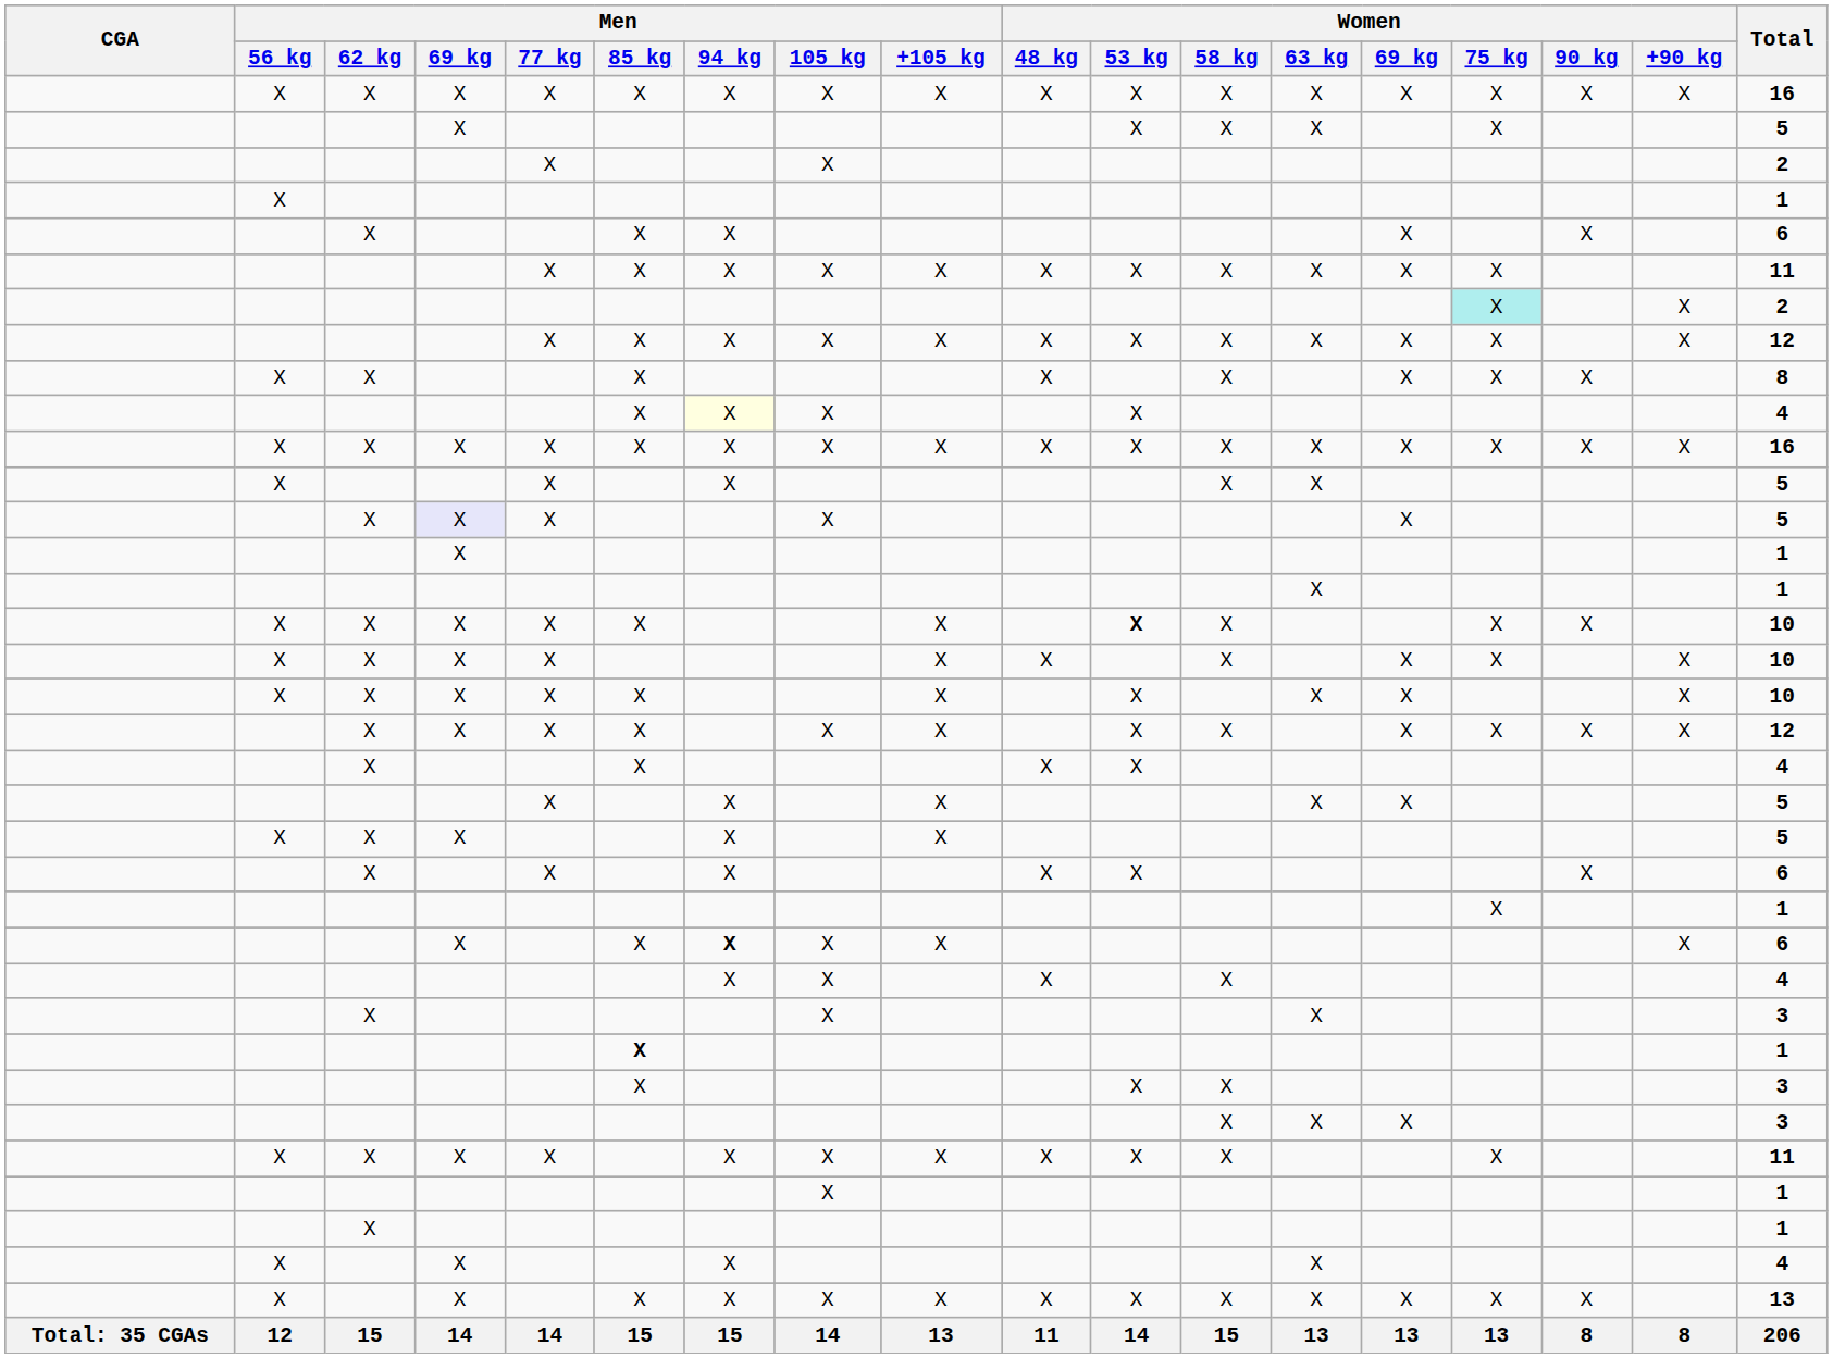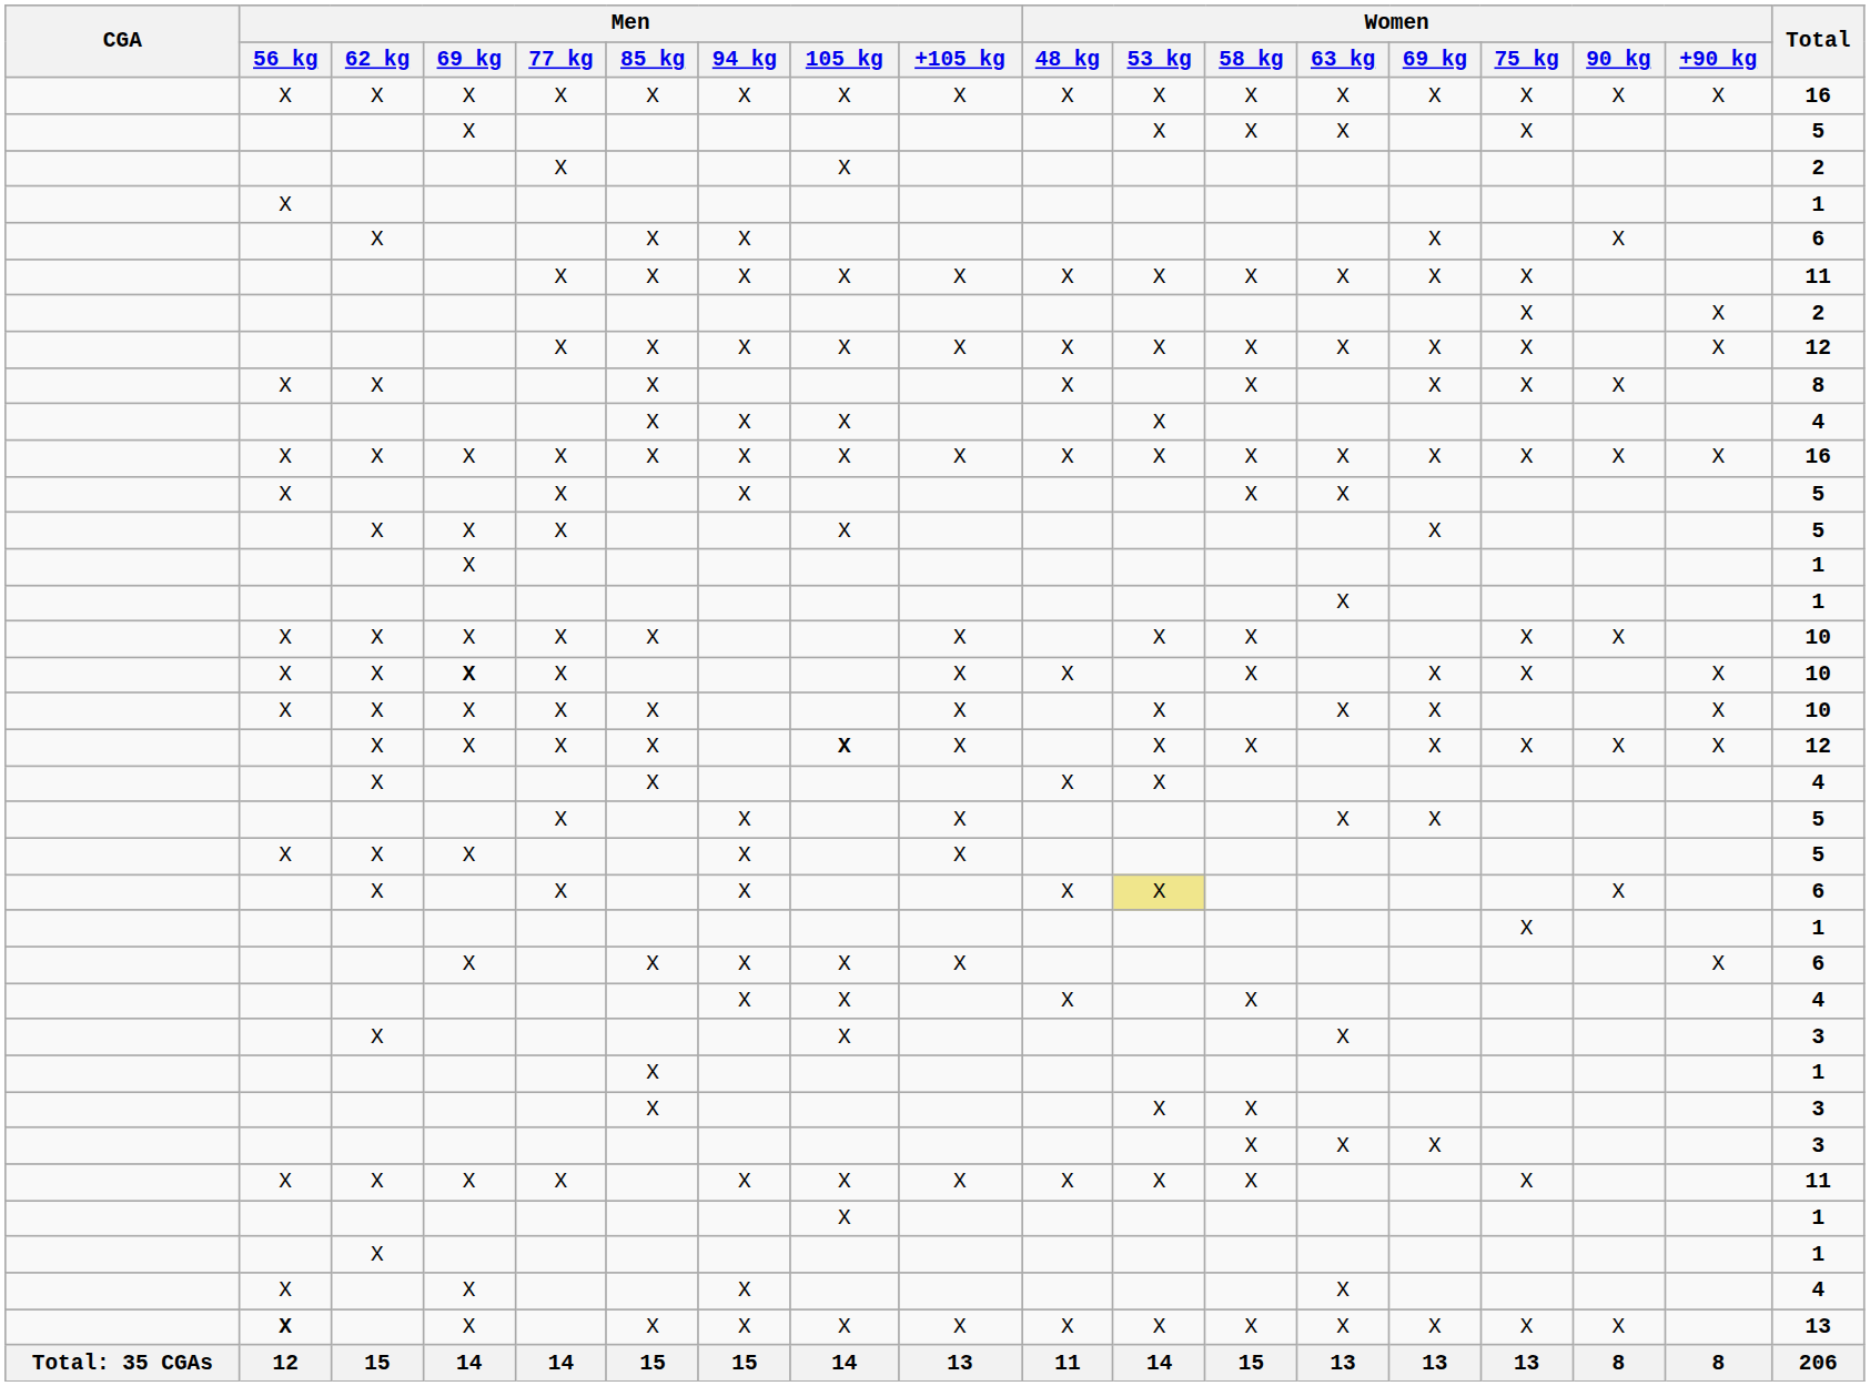 <table class="wikitable" width=1010 style="text-align:center; font-size:90%">
 <tr>
 <th rowspan="2" align="left">CGA</th>
 <th colspan="8">Men</th>
 <th colspan="8">Women</th>
 <th rowspan="2">Total</th>
 </tr>
 <tr>
 <th><a href='#'>56 kg</a></th>
 <th><a href='#'>62 kg</a></th>
 <th><a href='#'>69 kg</a></th>
 <th><a href='#'>77 kg</a></th>
 <th><a href='#'>85 kg</a></th>
 <th><a href='#'>94 kg</a></th>
 <th><a href='#'>105 kg</a></th>
 <th><a href='#'>+105 kg</a></th>
 <th><a href='#'>48 kg</a></th>
 <th><a href='#'>53 kg</a></th>
 <th><a href='#'>58 kg</a></th>
 <th><a href='#'>63 kg</a></th>
 <th><a href='#'>69 kg</a></th>
 <th><a href='#'>75 kg</a></th>
 <th><a href='#'>90 kg</a></th>
 <th><a href='#'>+90 kg</a></th>
 </tr>
 <tr>
 <td style="text-align:left;"></td>
 <td>X</td>
 <td>X</td>
 <td>X</td>
 <td>X</td>
 <td>X</td>
 <td>X</td>
 <td>X</td>
 <td>X</td>
 <td>X</td>
 <td>X</td>
 <td>X</td>
 <td>X</td>
 <td>X</td>
 <td>X</td>
 <td>X</td>
 <td>X</td>
 <td><strong>16</strong></td>
 </tr>
 <tr>
 <td style="text-align:left;"></td>
 <td></td>
 <td></td>
 <td>X</td>
 <td></td>
 <td></td>
 <td></td>
 <td></td>
 <td></td>
 <td></td>
 <td>X</td>
 <td>X</td>
 <td>X</td>
 <td></td>
 <td>X</td>
 <td></td>
 <td></td>
 <td><strong>5</strong></td>
 </tr>
 <tr>
 <td style="text-align:left;"></td>
 <td></td>
 <td></td>
 <td></td>
 <td>X</td>
 <td></td>
 <td></td>
 <td>X</td>
 <td></td>
 <td></td>
 <td></td>
 <td></td>
 <td></td>
 <td></td>
 <td></td>
 <td></td>
 <td></td>
 <td><strong>2</strong></td>
 </tr>
 <tr>
 <td style="text-align:left;"></td>
 <td>X</td>
 <td></td>
 <td></td>
 <td></td>
 <td></td>
 <td></td>
 <td></td>
 <td></td>
 <td></td>
 <td></td>
 <td></td>
 <td></td>
 <td></td>
 <td></td>
 <td></td>
 <td></td>
 <td><strong>1</strong></td>
 </tr>
 <tr>
 <td style="text-align:left;"></td>
 <td></td>
 <td>X</td>
 <td></td>
 <td></td>
 <td>X</td>
 <td>X</td>
 <td></td>
 <td></td>
 <td></td>
 <td></td>
 <td></td>
 <td></td>
 <td>X</td>
 <td></td>
 <td>X</td>
 <td></td>
 <td><strong>6</strong></td>
 </tr>
 <tr>
 <td style="text-align:left;"></td>
 <td></td>
 <td></td>
 <td></td>
 <td>X</td>
 <td>X</td>
 <td>X</td>
 <td>X</td>
 <td>X</td>
 <td>X</td>
 <td>X</td>
 <td>X</td>
 <td>X</td>
 <td>X</td>
 <td>X</td>
 <td></td>
 <td></td>
 <td><strong>11</strong></td>
 </tr>
 <tr>
 <td style="text-align:left;"></td>
 <td></td>
 <td></td>
 <td></td>
 <td></td>
 <td></td>
 <td></td>
 <td></td>
 <td></td>
 <td></td>
 <td></td>
 <td></td>
 <td></td>
 <td></td>
-<td style="background: paleturquoise;">X</td>
+<td>X</td>
 <td></td>
 <td>X</td>
 <td><strong>2</strong></td>
 </tr>
 <tr>
 <td style="text-align:left;"></td>
 <td></td>
 <td></td>
 <td></td>
 <td>X</td>
 <td>X</td>
 <td>X</td>
 <td>X</td>
 <td>X</td>
 <td>X</td>
 <td>X</td>
 <td>X</td>
 <td>X</td>
 <td>X</td>
 <td>X</td>
 <td></td>
 <td>X</td>
 <td><strong>12</strong></td>
 </tr>
 <tr>
 <td style="text-align:left;"></td>
 <td>X</td>
 <td>X</td>
 <td></td>
 <td></td>
 <td>X</td>
 <td></td>
 <td></td>
 <td></td>
 <td>X</td>
 <td></td>
 <td>X</td>
 <td></td>
 <td>X</td>
 <td>X</td>
 <td>X</td>
 <td></td>
 <td><strong>8</strong></td>
 </tr>
 <tr>
 <td style="text-align:left;"></td>
 <td></td>
 <td></td>
 <td></td>
 <td></td>
 <td>X</td>
-<td style="background: lightyellow;">X</td>
+<td>X</td>
 <td>X</td>
 <td></td>
 <td></td>
 <td>X</td>
 <td></td>
 <td></td>
 <td></td>
 <td></td>
 <td></td>
 <td></td>
 <td><strong>4</strong></td>
 </tr>
 <tr>
 <td style="text-align:left;"></td>
 <td>X</td>
 <td>X</td>
 <td>X</td>
 <td>X</td>
 <td>X</td>
 <td>X</td>
 <td>X</td>
 <td>X</td>
 <td>X</td>
 <td>X</td>
 <td>X</td>
 <td>X</td>
 <td>X</td>
 <td>X</td>
 <td>X</td>
 <td>X</td>
 <td><strong>16</strong></td>
 </tr>
 <tr>
 <td style="text-align:left;"></td>
 <td>X</td>
 <td></td>
 <td></td>
 <td>X</td>
 <td></td>
 <td>X</td>
 <td></td>
 <td></td>
 <td></td>
 <td></td>
 <td>X</td>
 <td>X</td>
 <td></td>
 <td></td>
 <td></td>
 <td></td>
 <td><strong>5</strong></td>
 </tr>
 <tr>
 <td style="text-align:left;"></td>
 <td></td>
 <td>X</td>
-<td style="background: lavender;">X</td>
+<td>X</td>
 <td>X</td>
 <td></td>
 <td></td>
 <td>X</td>
 <td></td>
 <td></td>
 <td></td>
 <td></td>
 <td></td>
 <td>X</td>
 <td></td>
 <td></td>
 <td></td>
 <td><strong>5</strong></td>
 </tr>
 <tr>
 <td style="text-align:left;"></td>
 <td></td>
 <td></td>
 <td>X</td>
 <td></td>
 <td></td>
 <td></td>
 <td></td>
 <td></td>
 <td></td>
 <td></td>
 <td></td>
 <td></td>
 <td></td>
 <td></td>
 <td></td>
 <td></td>
 <td><strong>1</strong></td>
 </tr>
 <tr>
 <td style="text-align:left;"></td>
 <td></td>
 <td></td>
 <td></td>
 <td></td>
 <td></td>
 <td></td>
 <td></td>
 <td></td>
 <td></td>
 <td></td>
 <td></td>
 <td>X</td>
 <td></td>
 <td></td>
 <td></td>
 <td></td>
 <td><strong>1</strong></td>
 </tr>
 <tr>
 <td style="text-align:left;"></td>
 <td>X</td>
 <td>X</td>
 <td>X</td>
 <td>X</td>
 <td>X</td>
 <td></td>
 <td></td>
 <td>X</td>
 <td></td>
-<td><strong>X</strong></td>
+<td>X</td>
 <td>X</td>
 <td></td>
 <td></td>
 <td>X</td>
 <td>X</td>
 <td></td>
 <td><strong>10</strong></td>
 </tr>
 <tr>
 <td style="text-align:left;"></td>
 <td>X</td>
 <td>X</td>
-<td>X</td>
+<td><strong>X</strong></td>
 <td>X</td>
 <td></td>
 <td></td>
 <td></td>
 <td>X</td>
 <td>X</td>
 <td></td>
 <td>X</td>
 <td></td>
 <td>X</td>
 <td>X</td>
 <td></td>
 <td>X</td>
 <td><strong>10</strong></td>
 </tr>
 <tr>
 <td style="text-align:left;"></td>
 <td>X</td>
 <td>X</td>
 <td>X</td>
 <td>X</td>
 <td>X</td>
 <td></td>
 <td></td>
 <td>X</td>
 <td></td>
 <td>X</td>
 <td></td>
 <td>X</td>
 <td>X</td>
 <td></td>
 <td></td>
 <td>X</td>
 <td><strong>10</strong></td>
 </tr>
 <tr>
 <td style="text-align:left;"></td>
 <td></td>
 <td>X</td>
 <td>X</td>
 <td>X</td>
 <td>X</td>
 <td></td>
-<td>X</td>
+<td><strong>X</strong></td>
 <td>X</td>
 <td></td>
 <td>X</td>
 <td>X</td>
 <td></td>
 <td>X</td>
 <td>X</td>
 <td>X</td>
 <td>X</td>
 <td><strong>12</strong></td>
 </tr>
 <tr>
 <td style="text-align:left;"></td>
 <td></td>
 <td>X</td>
 <td></td>
 <td></td>
 <td>X</td>
 <td></td>
 <td></td>
 <td></td>
 <td>X</td>
 <td>X</td>
 <td></td>
 <td></td>
 <td></td>
 <td></td>
 <td></td>
 <td></td>
 <td><strong>4</strong></td>
 </tr>
 <tr>
 <td style="text-align:left;"></td>
 <td></td>
 <td></td>
 <td></td>
 <td>X</td>
 <td></td>
 <td>X</td>
 <td></td>
 <td>X</td>
 <td></td>
 <td></td>
 <td></td>
 <td>X</td>
 <td>X</td>
 <td></td>
 <td></td>
 <td></td>
 <td><strong>5</strong></td>
 </tr>
 <tr>
 <td style="text-align:left;"></td>
 <td>X</td>
 <td>X</td>
 <td>X</td>
 <td></td>
 <td></td>
 <td>X</td>
 <td></td>
 <td>X</td>
 <td></td>
 <td></td>
 <td></td>
 <td></td>
 <td></td>
 <td></td>
 <td></td>
 <td></td>
 <td><strong>5</strong></td>
 </tr>
 <tr>
 <td style="text-align:left;"></td>
 <td></td>
 <td>X</td>
 <td></td>
 <td>X</td>
 <td></td>
 <td>X</td>
 <td></td>
 <td></td>
 <td>X</td>
-<td>X</td>
+<td style="background: khaki;">X</td>
 <td></td>
 <td></td>
 <td></td>
 <td></td>
 <td>X</td>
 <td></td>
 <td><strong>6</strong></td>
 </tr>
 <tr>
 <td style="text-align:left;"></td>
 <td></td>
 <td></td>
 <td></td>
 <td></td>
 <td></td>
 <td></td>
 <td></td>
 <td></td>
 <td></td>
 <td></td>
 <td></td>
 <td></td>
 <td></td>
 <td>X</td>
 <td></td>
 <td></td>
 <td><strong>1</strong></td>
 </tr>
 <tr>
 <td style="text-align:left;"></td>
 <td></td>
 <td></td>
 <td>X</td>
 <td></td>
 <td>X</td>
-<td><strong>X</strong></td>
+<td>X</td>
 <td>X</td>
 <td>X</td>
 <td></td>
 <td></td>
 <td></td>
 <td></td>
 <td></td>
 <td></td>
 <td></td>
 <td>X</td>
 <td><strong>6</strong></td>
 </tr>
 <tr>
 <td style="text-align:left;"></td>
 <td></td>
 <td></td>
 <td></td>
 <td></td>
 <td></td>
 <td>X</td>
 <td>X</td>
 <td></td>
 <td>X</td>
 <td></td>
 <td>X</td>
 <td></td>
 <td></td>
 <td></td>
 <td></td>
 <td></td>
 <td><strong>4</strong></td>
 </tr>
 <tr>
 <td style="text-align:left;"></td>
 <td></td>
 <td>X</td>
 <td></td>
 <td></td>
 <td></td>
 <td></td>
 <td>X</td>
 <td></td>
 <td></td>
 <td></td>
 <td></td>
 <td>X</td>
 <td></td>
 <td></td>
 <td></td>
 <td></td>
 <td><strong>3</strong></td>
 </tr>
 <tr>
 <td style="text-align:left;"></td>
 <td></td>
 <td></td>
 <td></td>
 <td></td>
-<td><strong>X</strong></td>
+<td>X</td>
 <td></td>
 <td></td>
 <td></td>
 <td></td>
 <td></td>
 <td></td>
 <td></td>
 <td></td>
 <td></td>
 <td></td>
 <td></td>
 <td><strong>1</strong></td>
 </tr>
 <tr>
 <td style="text-align:left;"></td>
 <td></td>
 <td></td>
 <td></td>
 <td></td>
 <td>X</td>
 <td></td>
 <td></td>
 <td></td>
 <td></td>
 <td>X</td>
 <td>X</td>
 <td></td>
 <td></td>
 <td></td>
 <td></td>
 <td></td>
 <td><strong>3</strong></td>
 </tr>
 <tr>
 <td style="text-align:left;"></td>
 <td></td>
 <td></td>
 <td></td>
 <td></td>
 <td></td>
 <td></td>
 <td></td>
 <td></td>
 <td></td>
 <td></td>
 <td>X</td>
 <td>X</td>
 <td>X</td>
 <td></td>
 <td></td>
 <td></td>
 <td><strong>3</strong></td>
 </tr>
 <tr>
 <td style="text-align:left;"></td>
 <td>X</td>
 <td>X</td>
 <td>X</td>
 <td>X</td>
 <td></td>
 <td>X</td>
 <td>X</td>
 <td>X</td>
 <td>X</td>
 <td>X</td>
 <td>X</td>
 <td></td>
 <td></td>
 <td>X</td>
 <td></td>
 <td></td>
 <td><strong>11</strong></td>
 </tr>
 <tr>
 <td style="text-align:left;"></td>
 <td></td>
 <td></td>
 <td></td>
 <td></td>
 <td></td>
 <td></td>
 <td>X</td>
 <td></td>
 <td></td>
 <td></td>
 <td></td>
 <td></td>
 <td></td>
 <td></td>
 <td></td>
 <td></td>
 <td><strong>1</strong></td>
 </tr>
 <tr>
 <td style="text-align:left;"></td>
 <td></td>
 <td>X</td>
 <td></td>
 <td></td>
 <td></td>
 <td></td>
 <td></td>
 <td></td>
 <td></td>
 <td></td>
 <td></td>
 <td></td>
 <td></td>
 <td></td>
 <td></td>
 <td></td>
 <td><strong>1</strong></td>
 </tr>
 <tr>
 <td style="text-align:left;"></td>
 <td>X</td>
 <td></td>
 <td>X</td>
 <td></td>
 <td></td>
 <td>X</td>
 <td></td>
 <td></td>
 <td></td>
 <td></td>
 <td></td>
 <td>X</td>
 <td></td>
 <td></td>
 <td></td>
 <td></td>
 <td><strong>4</strong></td>
 </tr>
 <tr>
 <td style="text-align:left;"></td>
-<td>X</td>
+<td><strong>X</strong></td>
 <td></td>
 <td>X</td>
 <td></td>
 <td>X</td>
 <td>X</td>
 <td>X</td>
 <td>X</td>
 <td>X</td>
 <td>X</td>
 <td>X</td>
 <td>X</td>
 <td>X</td>
 <td>X</td>
 <td>X</td>
 <td></td>
 <td><strong>13</strong></td>
 </tr>
 <tr>
 <th>Total: 35 CGAs</th>
 <th>12</th>
 <th>15</th>
 <th>14</th>
 <th>14</th>
 <th>15</th>
 <th>15</th>
 <th>14</th>
 <th>13</th>
 <th>11</th>
 <th>14</th>
 <th>15</th>
 <th>13</th>
 <th>13</th>
 <th>13</th>
 <th>8</th>
 <th>8</th>
 <th>206</th>
 </tr>
 </table>
